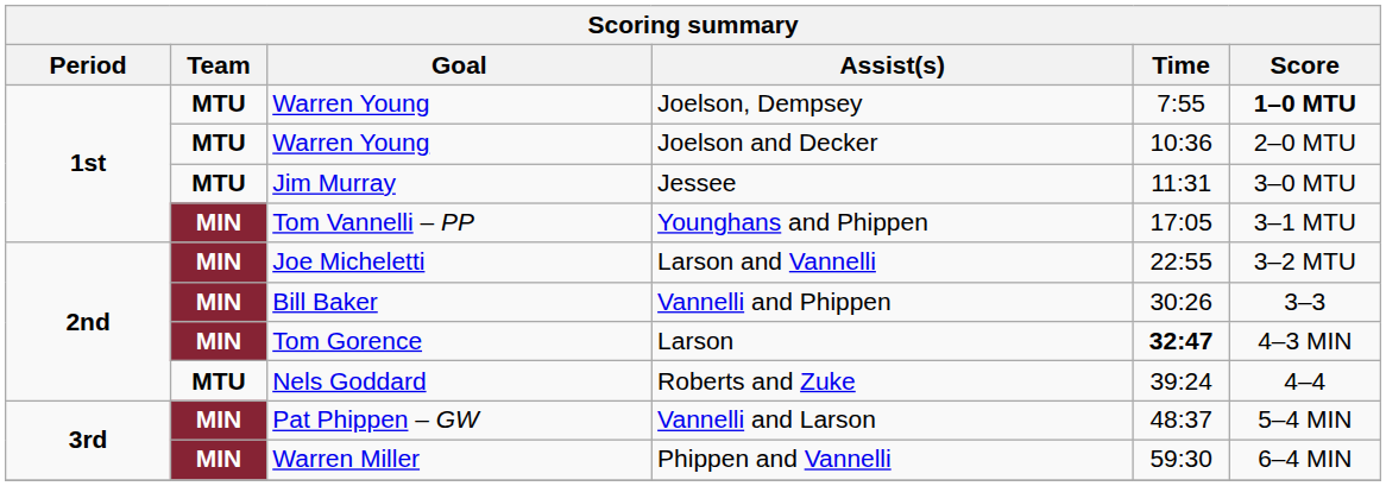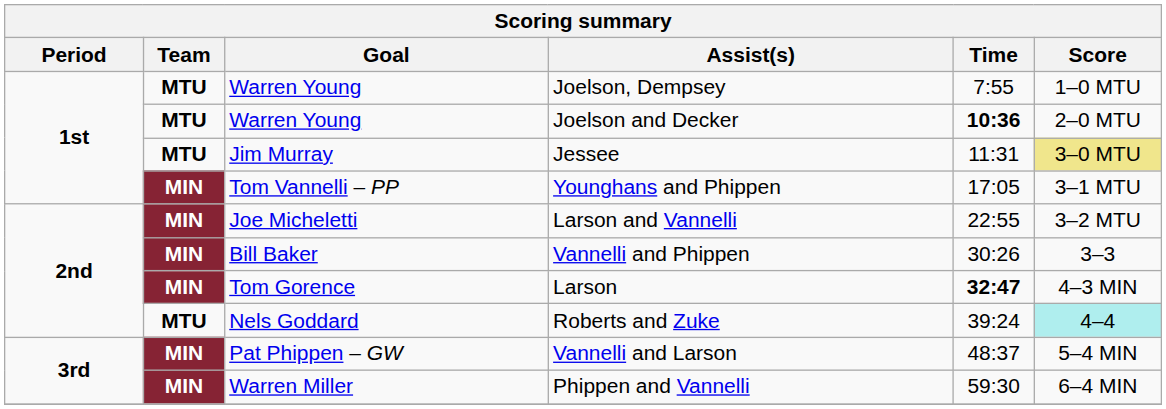 <table style="width:100%;" class="wikitable">
 <tr>
 <th colspan=6>Scoring summary</th>
 </tr>
 <tr>
 <th style="width:12%;">Period</th>
 <th style="width:7%;">Team</th>
 <th style="width:28%;">Goal</th>
 <th style="width:35%;">Assist(s)</th>
 <th style="width:7%;">Time</th>
 <th style="width:11%;">Score</th>
 </tr>
 <tr>
 <td style="text-align:center;" rowspan="4"><strong>1st</strong></td>
 <td align=center><strong>MTU</strong></td>
 <td><a href='#'>Warren Young</a></td>
 <td>Joelson, Dempsey</td>
 <td align=center>7:55</td>
-<td align=center><strong>1–0 MTU</strong></td>
+<td align=center>1–0 MTU</td>
 </tr>
 <tr>
 <td align=center><strong>MTU</strong></td>
 <td><a href='#'>Warren Young</a></td>
 <td>Joelson and Decker</td>
-<td align=center>10:36</td>
+<td align=center><strong>10:36</strong></td>
 <td align=center>2–0 MTU</td>
 </tr>
 <tr>
 <td align=center><strong>MTU</strong></td>
 <td><a href='#'>Jim Murray</a></td>
 <td>Jessee</td>
 <td align=center>11:31</td>
-<td align=center>3–0 MTU</td>
+<td align=center style="background: khaki;">3–0 MTU</td>
 </tr>
 <tr>
 <td align=center style="color:white; background:#862334; "><strong>MIN</strong></td>
 <td><a href='#'>Tom Vannelli</a> – <em>PP</em></td>
 <td><a href='#'>Younghans</a> and Phippen</td>
 <td align=center>17:05</td>
 <td align=center>3–1 MTU</td>
 </tr>
 <tr>
 <td style="text-align:center;" rowspan="4"><strong>2nd</strong></td>
 <td align=center style="color:white; background:#862334; "><strong>MIN</strong></td>
 <td><a href='#'>Joe Micheletti</a></td>
 <td>Larson and <a href='#'>Vannelli</a></td>
 <td align=center>22:55</td>
 <td align=center>3–2 MTU</td>
 </tr>
 <tr>
 <td align=center style="color:white; background:#862334; "><strong>MIN</strong></td>
 <td><a href='#'>Bill Baker</a></td>
 <td><a href='#'>Vannelli</a> and Phippen</td>
 <td align=center>30:26</td>
 <td align=center>3–3</td>
 </tr>
 <tr>
 <td align=center style="color:white; background:#862334; "><strong>MIN</strong></td>
 <td><a href='#'>Tom Gorence</a></td>
 <td>Larson</td>
 <td align=center><strong>32:47</strong></td>
 <td align=center>4–3 MIN</td>
 </tr>
 <tr>
 <td align=center><strong>MTU</strong></td>
 <td><a href='#'>Nels Goddard</a></td>
 <td>Roberts and <a href='#'>Zuke</a></td>
 <td align=center>39:24</td>
-<td align=center>4–4</td>
+<td align=center style="background: paleturquoise;">4–4</td>
 </tr>
 <tr>
 <td style="text-align:center;" rowspan="2"><strong>3rd</strong></td>
 <td align=center style="color:white; background:#862334; "><strong>MIN</strong></td>
 <td><a href='#'>Pat Phippen</a> – <em>GW</em></td>
 <td><a href='#'>Vannelli</a> and Larson</td>
 <td align=center>48:37</td>
 <td align=center>5–4 MIN</td>
 </tr>
 <tr>
 <td align=center style="color:white; background:#862334; "><strong>MIN</strong></td>
 <td><a href='#'>Warren Miller</a></td>
 <td>Phippen and <a href='#'>Vannelli</a></td>
 <td align=center>59:30</td>
 <td align=center>6–4 MIN</td>
 </tr>
 <tr>
 </tr>
 </table>
